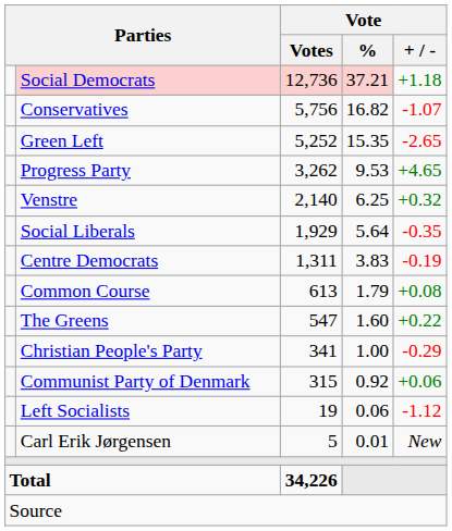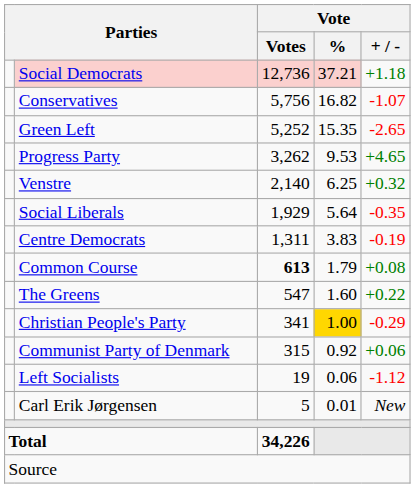 <table class="wikitable" style="text-align:right;">
 <tr>
 <th style="text-align:centre;" rowspan="2" colspan="2" width="225">Parties</th>
 <th colspan="3">Vote</th>
 </tr>
 <tr>
 <th width="15">Votes</th>
 <th width="15">%</th>
 <th width="15">+ / -</th>
 </tr>
 <tr>
 <td width="2" style="color:inherit;background:"></td>
 <td bgcolor=#fbd0ce  align="left"><a href='#'>Social Democrats</a></td>
 <td bgcolor=#fbd0ce>12,736</td>
 <td bgcolor=#fbd0ce>37.21</td>
 <td style=color:green;>+1.18</td>
 </tr>
 <tr>
 <td width="2" style="color:inherit;background:"></td>
 <td align="left"><a href='#'>Conservatives</a></td>
 <td>5,756</td>
 <td>16.82</td>
 <td style=color:red;>-1.07</td>
 </tr>
 <tr>
 <td width="2" style="color:inherit;background:"></td>
 <td align="left"><a href='#'>Green Left</a></td>
 <td>5,252</td>
 <td>15.35</td>
 <td style=color:red;>-2.65</td>
 </tr>
 <tr>
 <td width="2" style="color:inherit;background:"></td>
 <td align="left"><a href='#'>Progress Party</a></td>
 <td>3,262</td>
 <td>9.53</td>
 <td style=color:green;>+4.65</td>
 </tr>
 <tr>
 <td width="2" style="color:inherit;background:"></td>
 <td align="left"><a href='#'>Venstre</a></td>
 <td>2,140</td>
 <td>6.25</td>
 <td style=color:green;>+0.32</td>
 </tr>
 <tr>
 <td width="2" style="color:inherit;background:"></td>
 <td align="left"><a href='#'>Social Liberals</a></td>
 <td>1,929</td>
 <td>5.64</td>
 <td style=color:red;>-0.35</td>
 </tr>
 <tr>
 <td width="2" style="color:inherit;background:"></td>
 <td align="left"><a href='#'>Centre Democrats</a></td>
 <td>1,311</td>
 <td>3.83</td>
 <td style=color:red;>-0.19</td>
 </tr>
 <tr>
 <td width="2" style="color:inherit;background:"></td>
 <td align="left"><a href='#'>Common Course</a></td>
-<td>613</td>
+<td><strong>613</strong></td>
 <td>1.79</td>
 <td style=color:green;>+0.08</td>
 </tr>
 <tr>
 <td width="2" style="color:inherit;background:"></td>
 <td align="left"><a href='#'>The Greens</a></td>
 <td>547</td>
 <td>1.60</td>
 <td style=color:green;>+0.22</td>
 </tr>
 <tr>
 <td width="2" style="color:inherit;background:"></td>
 <td align="left"><a href='#'>Christian People's Party</a></td>
 <td>341</td>
-<td>1.00</td>
+<td style="background: gold;">1.00</td>
 <td style=color:red;>-0.29</td>
 </tr>
 <tr>
 <td width="2" style="color:inherit;background:"></td>
 <td align="left"><a href='#'>Communist Party of Denmark</a></td>
 <td>315</td>
 <td>0.92</td>
 <td style=color:green;>+0.06</td>
 </tr>
 <tr>
 <td width="2" style="color:inherit;background:"></td>
 <td align="left"><a href='#'>Left Socialists</a></td>
 <td>19</td>
 <td>0.06</td>
 <td style=color:red;>-1.12</td>
 </tr>
 <tr>
 <td width="2" style="color:inherit;background:"></td>
 <td align="left">Carl Erik Jørgensen</td>
 <td>5</td>
 <td>0.01</td>
 <td><em>New</em></td>
 </tr>
 <tr>
 <td colspan="7" bgcolor="#E9E9E9"></td>
 </tr>
 <tr>
 <td align="left" colspan="2"><strong>Total</strong></td>
 <td><strong>34,226</strong></td>
 <td bgcolor="#E9E9E9" colspan="2"></td>
 </tr>
 <tr>
 <td align="left" colspan="6">Source</td>
 </tr>
 </table>
